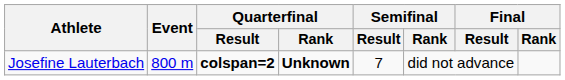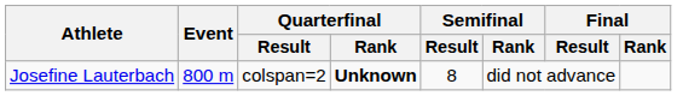 <table class=wikitable style=font-size:90%;text-align:center>
 <tr>
 <th rowspan=2>Athlete</th>
 <th rowspan=2>Event</th>
 <th colspan=2>Quarterfinal</th>
 <th colspan=2>Semifinal</th>
 <th colspan=2>Final</th>
 </tr>
 <tr style=font-size:95%>
 <th>Result</th>
 <th>Rank</th>
 <th>Result</th>
 <th>Rank</th>
 <th>Result</th>
 <th>Rank</th>
 </tr>
 <tr>
 <td align=left><a href='#'>Josefine Lauterbach</a></td>
 <td align=left><a href='#'>800 m</a></td>
-<td><strong>colspan=2 </strong></td>
+<td>colspan=2 </td>
 <td><strong>Unknown</strong></td>
-<td>7</td>
+<td>8</td>
 <td colspan=2>did not advance</td>
 </tr>
 </table>
